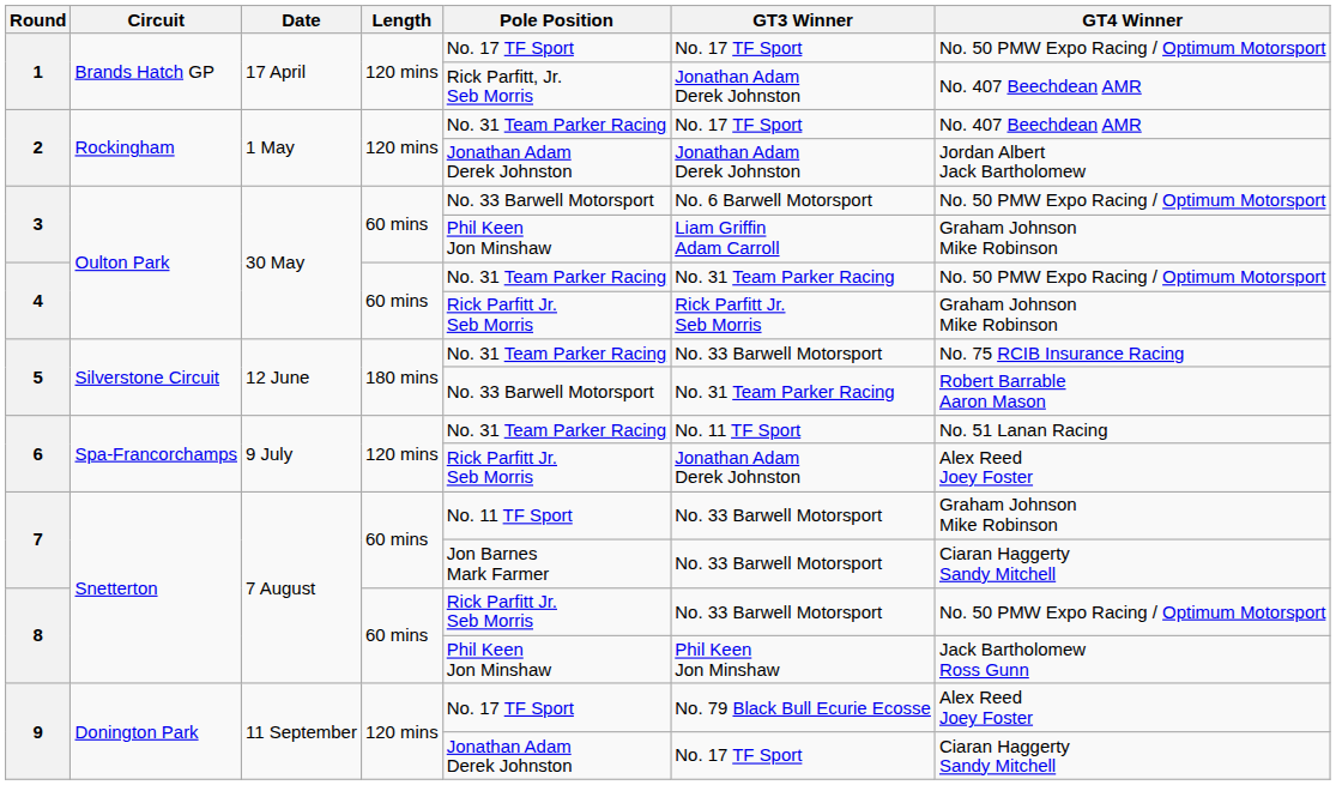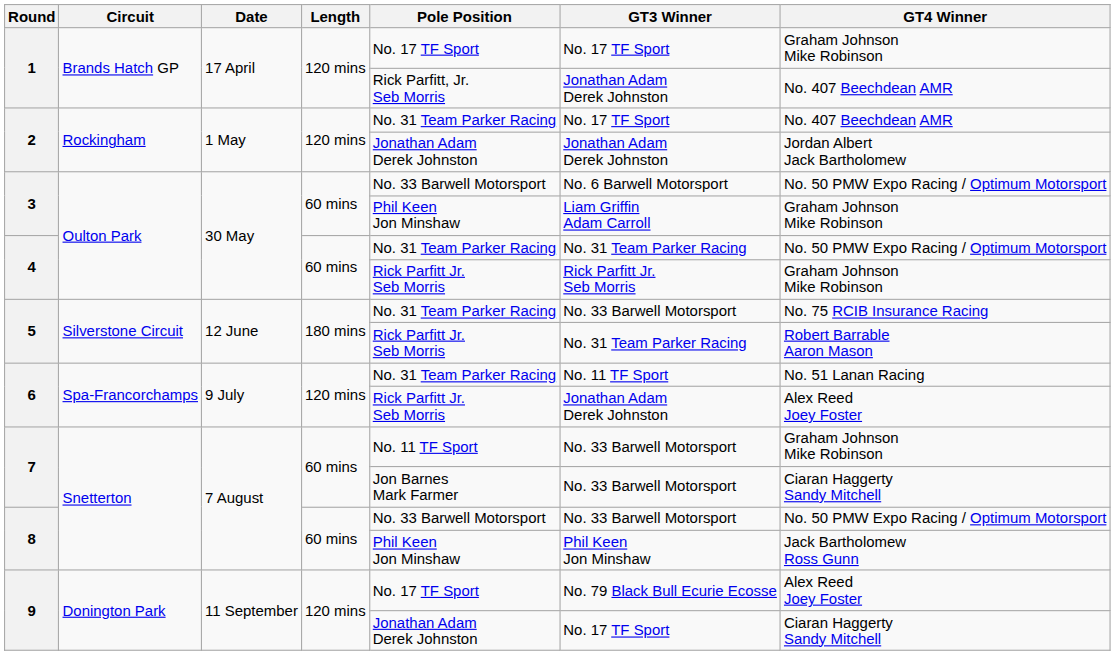 <table class="wikitable" style="font-size: 85%">
 <tr>
 <th>Round</th>
 <th>Circuit</th>
 <th>Date</th>
 <th>Length</th>
 <th>Pole Position</th>
 <th>GT3 Winner</th>
 <th>GT4 Winner</th>
 </tr>
 <tr>
 <th rowspan=2>1</th>
 <td rowspan=2><a href='#'>Brands Hatch</a> GP</td>
 <td rowspan=2>17 April</td>
 <td rowspan=2>120 mins</td>
 <td>No. 17 <a href='#'>TF Sport</a></td>
 <td>No. 17 <a href='#'>TF Sport</a></td>
-<td>No. 50 PMW Expo Racing / <a href='#'>Optimum Motorsport</a></td>
+<td> Graham Johnson<br> Mike Robinson</td>
 </tr>
 <tr>
 <td> Rick Parfitt, Jr.<br> <a href='#'>Seb Morris</a></td>
 <td> <a href='#'>Jonathan Adam</a><br> Derek Johnston</td>
 <td>No. 407 <a href='#'>Beechdean</a> <a href='#'>AMR</a></td>
 </tr>
 <tr>
 <th rowspan=2>2</th>
 <td rowspan=2><a href='#'>Rockingham</a></td>
 <td rowspan=2>1 May</td>
 <td rowspan=2>120 mins</td>
 <td>No. 31 <a href='#'>Team Parker Racing</a></td>
 <td>No. 17 <a href='#'>TF Sport</a></td>
 <td>No. 407 <a href='#'>Beechdean</a> <a href='#'>AMR</a></td>
 </tr>
 <tr>
 <td> <a href='#'>Jonathan Adam</a><br> Derek Johnston</td>
 <td> <a href='#'>Jonathan Adam</a><br> Derek Johnston</td>
 <td> Jordan Albert<br> Jack Bartholomew</td>
 </tr>
 <tr>
 <th rowspan=2>3</th>
 <td rowspan=4><a href='#'>Oulton Park</a></td>
 <td rowspan=4>30 May</td>
 <td rowspan=2>60 mins</td>
 <td>No. 33 Barwell Motorsport</td>
 <td>No. 6 Barwell Motorsport</td>
 <td>No. 50 PMW Expo Racing / <a href='#'>Optimum Motorsport</a></td>
 </tr>
 <tr>
 <td> <a href='#'>Phil Keen</a><br> Jon Minshaw</td>
 <td> <a href='#'>Liam Griffin</a><br> <a href='#'>Adam Carroll</a></td>
 <td> Graham Johnson<br> Mike Robinson</td>
 </tr>
 <tr>
 <th rowspan=2>4</th>
 <td rowspan=2>60 mins</td>
 <td>No. 31 <a href='#'>Team Parker Racing</a></td>
 <td>No. 31 <a href='#'>Team Parker Racing</a></td>
 <td>No. 50 PMW Expo Racing / <a href='#'>Optimum Motorsport</a></td>
 </tr>
 <tr>
 <td> <a href='#'>Rick Parfitt Jr.</a><br> <a href='#'>Seb Morris</a></td>
 <td> <a href='#'>Rick Parfitt Jr.</a><br> <a href='#'>Seb Morris</a></td>
 <td> Graham Johnson<br> Mike Robinson</td>
 </tr>
 <tr>
 <th rowspan=2>5</th>
 <td rowspan=2><a href='#'>Silverstone Circuit</a></td>
 <td rowspan=2>12 June</td>
 <td rowspan=2>180 mins</td>
 <td>No. 31 <a href='#'>Team Parker Racing</a></td>
 <td>No. 33 Barwell Motorsport</td>
 <td>No. 75 <a href='#'>RCIB Insurance Racing</a></td>
 </tr>
 <tr>
-<td>No. 33 Barwell Motorsport</td>
+<td> <a href='#'>Rick Parfitt Jr.</a><br> <a href='#'>Seb Morris</a></td>
 <td>No. 31 <a href='#'>Team Parker Racing</a></td>
 <td> <a href='#'>Robert Barrable</a><br> <a href='#'>Aaron Mason</a></td>
 </tr>
 <tr>
 <th rowspan=2>6</th>
 <td rowspan=2><a href='#'>Spa-Francorchamps</a></td>
 <td rowspan=2>9 July</td>
 <td rowspan=2>120 mins</td>
 <td>No. 31 <a href='#'>Team Parker Racing</a></td>
 <td>No. 11 <a href='#'>TF Sport</a></td>
 <td>No. 51 Lanan Racing</td>
 </tr>
 <tr>
 <td> <a href='#'>Rick Parfitt Jr.</a><br> <a href='#'>Seb Morris</a></td>
 <td> <a href='#'>Jonathan Adam</a><br> Derek Johnston</td>
 <td> Alex Reed<br> <a href='#'>Joey Foster</a></td>
 </tr>
 <tr>
 <th rowspan=2>7</th>
 <td rowspan=4><a href='#'>Snetterton</a></td>
 <td rowspan=4>7 August</td>
 <td rowspan=2>60 mins</td>
 <td>No. 11 <a href='#'>TF Sport</a></td>
 <td>No. 33 Barwell Motorsport</td>
 <td> Graham Johnson<br> Mike Robinson</td>
 </tr>
 <tr>
 <td> Jon Barnes<br> Mark Farmer</td>
 <td>No. 33 Barwell Motorsport</td>
 <td> Ciaran Haggerty<br> <a href='#'>Sandy Mitchell</a></td>
 </tr>
 <tr>
 <th rowspan=2>8</th>
 <td rowspan=2>60 mins</td>
-<td> <a href='#'>Rick Parfitt Jr.</a><br> <a href='#'>Seb Morris</a></td>
+<td>No. 33 Barwell Motorsport</td>
 <td>No. 33 Barwell Motorsport</td>
 <td>No. 50 PMW Expo Racing / <a href='#'>Optimum Motorsport</a></td>
 </tr>
 <tr>
 <td> <a href='#'>Phil Keen</a><br> Jon Minshaw</td>
 <td> <a href='#'>Phil Keen</a><br> Jon Minshaw</td>
 <td> Jack Bartholomew<br> <a href='#'>Ross Gunn</a></td>
 </tr>
 <tr>
 <th rowspan=2>9</th>
 <td rowspan=2><a href='#'>Donington Park</a></td>
 <td rowspan=2>11 September</td>
 <td rowspan=2>120 mins</td>
 <td>No. 17 <a href='#'>TF Sport</a></td>
 <td>No. 79 <a href='#'>Black Bull Ecurie Ecosse</a></td>
 <td> Alex Reed<br> <a href='#'>Joey Foster</a></td>
 </tr>
 <tr>
 <td> <a href='#'>Jonathan Adam</a><br> Derek Johnston</td>
 <td>No. 17 <a href='#'>TF Sport</a></td>
 <td> Ciaran Haggerty<br> <a href='#'>Sandy Mitchell</a></td>
 </tr>
 </table>
